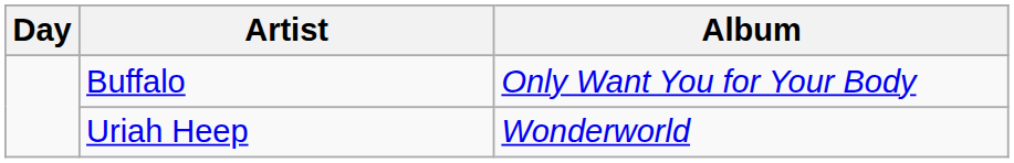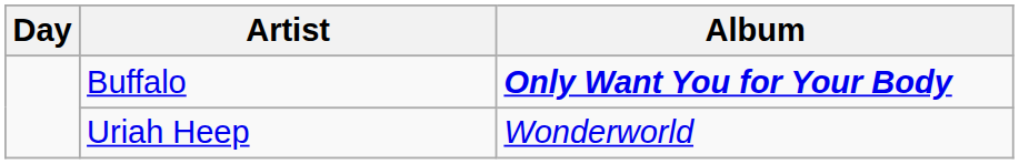 <table class="wikitable" border="1">
 <tr>
 <th>Day</th>
 <th width="200">Artist</th>
 <th width="250">Album</th>
 </tr>
 <tr>
 <td rowspan="2" style="text-align:center;"></td>
 <td><a href='#'>Buffalo</a></td>
-<td><em><a href='#'>Only Want You for Your Body</a></em></td>
+<td><strong><em><a href='#'>Only Want You for Your Body</a></em></strong></td>
 </tr>
 <tr>
 <td><a href='#'>Uriah Heep</a></td>
 <td><em><a href='#'>Wonderworld</a></em></td>
 </tr>
 </table>
